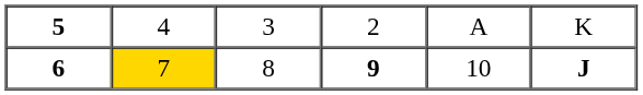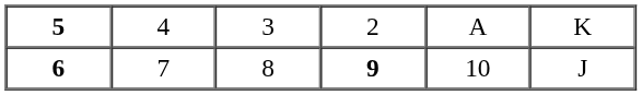 <table width="25%" cellspacing="0" cellpadding="3" border=1 style="text-align: center">
 <tr>
 <th style="width: 1.6em">5</th>
 <td style="width: 1.6em">4</td>
 <td style="width: 1.6em">3</td>
 <td style="width: 1.6em">2</td>
 <td style="width: 1.6em">A</td>
 <td style="width: 1.6em">K</td>
 </tr>
 <tr>
 <th style="width: 1.6em">6</th>
-<td style="background: gold;">7</td>
+<td>7</td>
 <td>8</td>
 <td><strong>9</strong></td>
 <td>10</td>
-<td><strong>J</strong></td>
+<td>J</td>
 </tr>
 <tr>
 </tr>
 </table>
